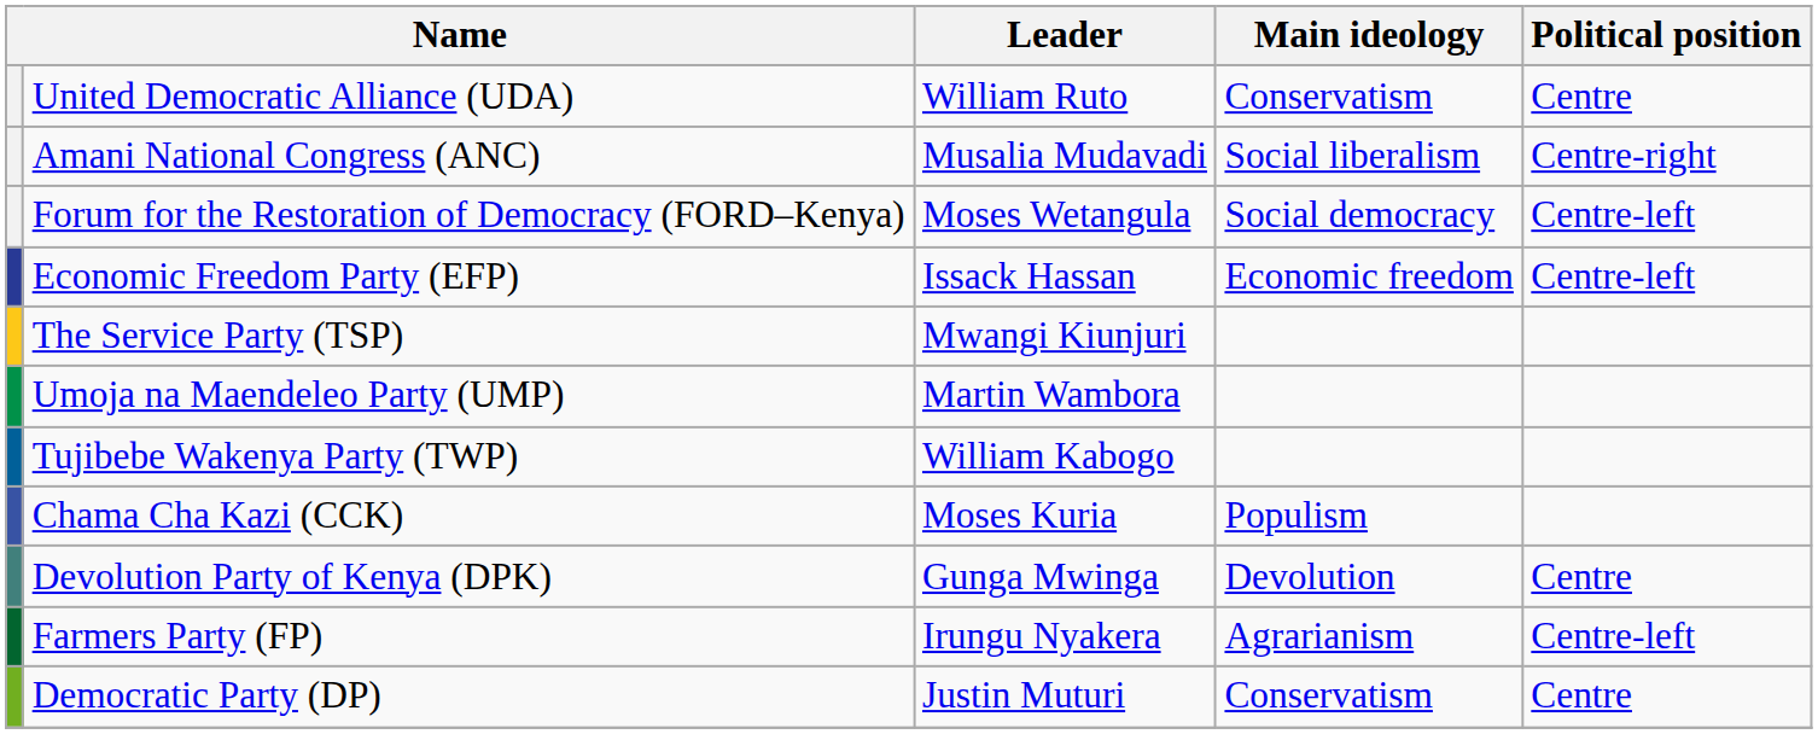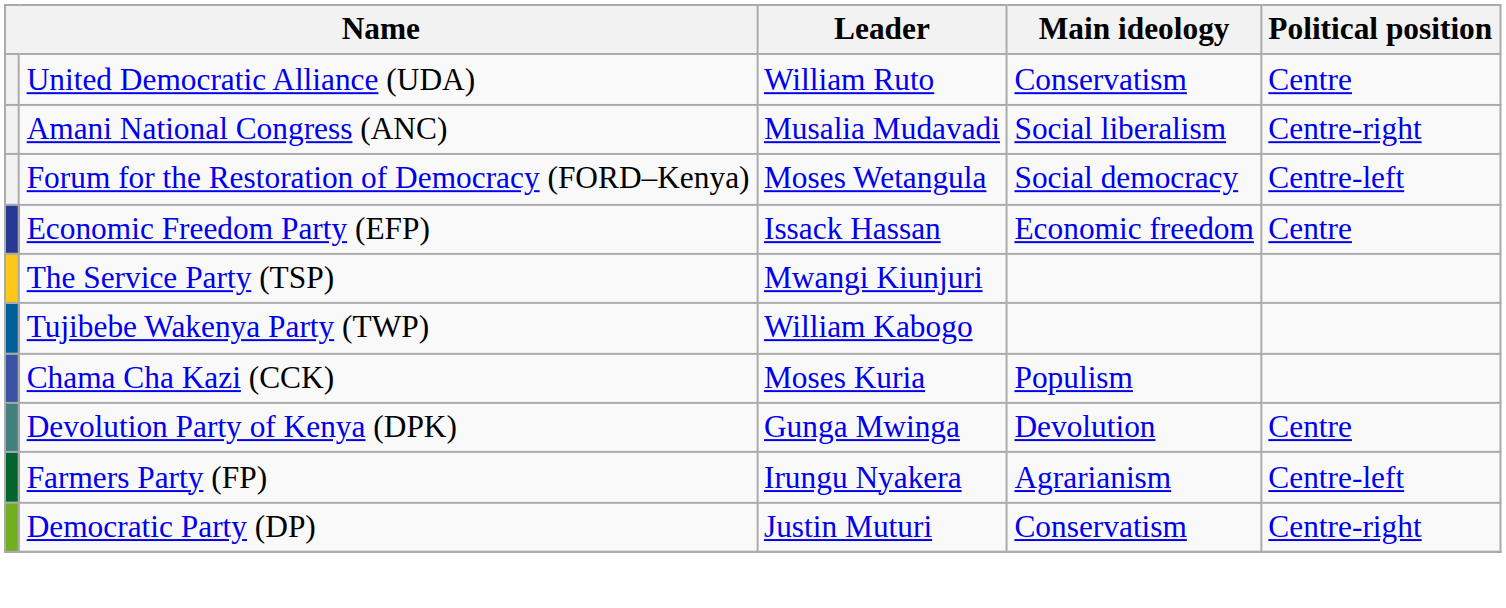 <table class="wikitable" style="text-align">
 <tr>
 <th colspan="2">Name</th>
 <th>Leader</th>
 <th>Main ideology</th>
 <th>Political position</th>
 </tr>
 <tr>
 <th style="background-color:"></th>
 <td><a href='#'>United Democratic Alliance</a> (UDA)</td>
 <td><a href='#'>William Ruto</a></td>
 <td><a href='#'>Conservatism</a></td>
 <td><a href='#'>Centre</a></td>
 </tr>
 <tr>
 <th style="background-color:"></th>
 <td><a href='#'>Amani National Congress</a> (ANC)</td>
 <td><a href='#'>Musalia Mudavadi</a></td>
 <td><a href='#'>Social liberalism</a></td>
 <td><a href='#'>Centre-right</a></td>
 </tr>
 <tr>
 <th style="background-color:"></th>
 <td><a href='#'>Forum for the Restoration of Democracy</a> (FORD–Kenya)</td>
 <td><a href='#'>Moses Wetangula</a></td>
 <td><a href='#'>Social democracy</a></td>
 <td><a href='#'>Centre-left</a></td>
 </tr>
 <tr>
 <th style="background-color:#283995"></th>
 <td><a href='#'>Economic Freedom Party</a> (EFP)</td>
 <td><a href='#'>Issack Hassan</a></td>
 <td><a href='#'>Economic freedom</a></td>
-<td><a href='#'>Centre-left</a></td>
+<td><a href='#'>Centre</a></td>
 </tr>
 <tr>
 <th style="background-color:#FDC818"></th>
 <td><a href='#'>The Service Party</a> (TSP)</td>
 <td><a href='#'>Mwangi Kiunjuri</a></td>
-<td></td>
-<td></td>
-</tr>
-<tr>
-<th style="background-color:#019149"></th>
-<td><a href='#'>Umoja na Maendeleo Party</a> (UMP)</td>
-<td><a href='#'>Martin Wambora</a></td>
 <td></td>
 <td></td>
 </tr>
 <tr>
 <th style="background-color:#016099"></th>
 <td><a href='#'>Tujibebe Wakenya Party</a> (TWP)</td>
 <td><a href='#'>William Kabogo</a></td>
 <td></td>
 <td></td>
 </tr>
 <tr>
 <th style="background-color:#3853A4"></th>
 <td><a href='#'>Chama Cha Kazi</a> (CCK)</td>
 <td><a href='#'>Moses Kuria</a></td>
 <td><a href='#'>Populism</a></td>
 <td></td>
 </tr>
 <tr>
 <th style="background-color:#41807C"></th>
 <td><a href='#'>Devolution Party of Kenya</a> (DPK)</td>
 <td><a href='#'>Gunga Mwinga</a></td>
 <td><a href='#'>Devolution</a></td>
 <td><a href='#'>Centre</a></td>
 </tr>
 <tr>
 <th style="background-color:#02652F"></th>
 <td><a href='#'>Farmers Party</a> (FP)</td>
 <td><a href='#'>Irungu Nyakera</a></td>
 <td><a href='#'>Agrarianism</a></td>
 <td><a href='#'>Centre-left</a></td>
 </tr>
 <tr>
 <th style="background-color:#71AF20"></th>
 <td><a href='#'>Democratic Party</a> (DP)</td>
 <td><a href='#'>Justin Muturi</a></td>
 <td><a href='#'>Conservatism</a></td>
-<td><a href='#'>Centre</a></td>
+<td><a href='#'>Centre-right</a></td>
 </tr>
 <tr>
 </tr>
 </table>
